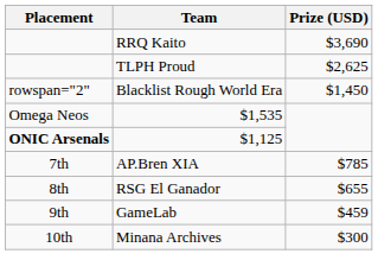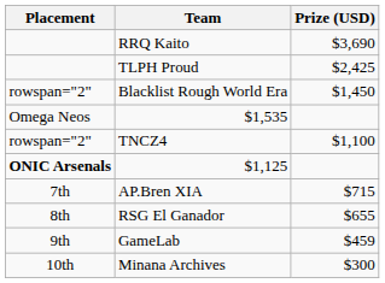 <table class="wikitable">
 <tr>
 <th>Placement</th>
 <th>Team</th>
 <th>Prize (USD)</th>
 </tr>
 <tr>
 <td></td>
 <td>RRQ Kaito</td>
 <td style="text-align:right;">$3,690</td>
 </tr>
 <tr>
 <td></td>
 <td>TLPH Proud</td>
-<td style="text-align:right;">$2,625</td>
+<td style="text-align:right;">$2,425</td>
 </tr>
 <tr>
 <td>rowspan="2" </td>
 <td>Blacklist Rough World Era</td>
 <td style="text-align:right;">$1,450</td>
 </tr>
 <tr>
 <td>Omega Neos</td>
 <td style="text-align:right;">$1,535</td>
 </tr>
 <tr>
+<td>rowspan="2" </td>
+<td>TNCZ4</td>
+<td style="text-align:right;">$1,100</td>
+</tr>
+<tr>
 <td><strong>ONIC Arsenals</strong></td>
 <td style="text-align:right;">$1,125</td>
 </tr>
 <tr>
 <td style="text-align:center;">7th</td>
 <td>AP.Bren XIA</td>
-<td style="text-align:right;">$785</td>
+<td style="text-align:right;">$715</td>
 </tr>
 <tr>
 <td style="text-align:center;">8th</td>
 <td>RSG El Ganador</td>
 <td style="text-align:right;">$655</td>
 </tr>
 <tr>
 <td style="text-align:center;">9th</td>
 <td>GameLab</td>
 <td style="text-align:right;">$459</td>
 </tr>
 <tr>
 <td style="text-align:center;">10th</td>
 <td>Minana Archives</td>
 <td style="text-align:right;">$300</td>
 </tr>
 </table>
